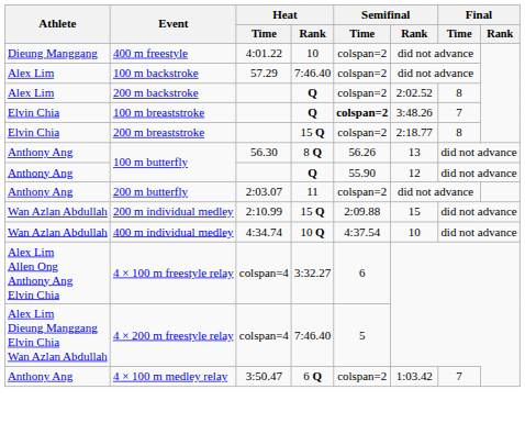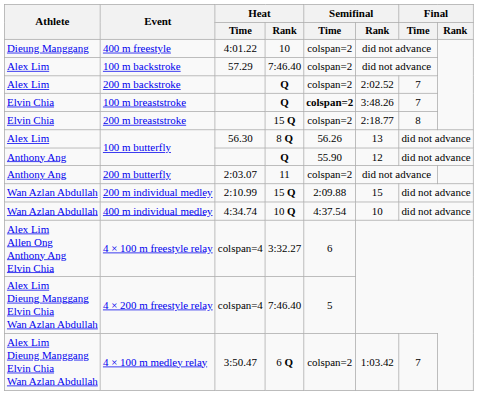 <table class=wikitable style=font-size:90%>
 <tr>
 <th rowspan=2>Athlete</th>
 <th rowspan=2>Event</th>
 <th colspan=2>Heat</th>
 <th colspan=2>Semifinal</th>
 <th colspan=2>Final</th>
 </tr>
 <tr style=font-size:95%>
 <th>Time</th>
 <th>Rank</th>
 <th>Time</th>
 <th>Rank</th>
 <th>Time</th>
 <th>Rank</th>
 </tr>
 <tr align=center>
 <td align=left><a href='#'>Dieung Manggang</a></td>
 <td align=left><a href='#'>400 m freestyle</a></td>
 <td>4:01.22</td>
 <td>10</td>
 <td>colspan=2 </td>
 <td colspan=2>did not advance</td>
 </tr>
 <tr align=center>
 <td align=left><a href='#'>Alex Lim</a></td>
 <td align=left><a href='#'>100 m backstroke</a></td>
 <td>57.29</td>
 <td>7:46.40</td>
 <td>colspan=2 </td>
 <td colspan=2>did not advance</td>
 </tr>
 <tr align=center>
 <td align=left><a href='#'>Alex Lim</a></td>
 <td align=left><a href='#'>200 m backstroke</a></td>
 <td></td>
 <td><strong>Q</strong></td>
 <td>colspan=2 </td>
 <td>2:02.52</td>
-<td>8</td>
+<td>7</td>
 </tr>
 <tr align=center>
 <td align=left><a href='#'>Elvin Chia</a></td>
 <td align=left><a href='#'>100 m breaststroke</a></td>
 <td></td>
 <td><strong>Q</strong></td>
 <td><strong>colspan=2 </strong></td>
 <td>3:48.26</td>
 <td>7</td>
 </tr>
 <tr align=center>
 <td align=left><a href='#'>Elvin Chia</a></td>
 <td align=left><a href='#'>200 m breaststroke</a></td>
 <td></td>
 <td>15 <strong>Q</strong></td>
 <td>colspan=2 </td>
 <td>2:18.77</td>
 <td>8</td>
 </tr>
 <tr align=center>
-<td align=left><a href='#'>Anthony Ang</a></td>
+<td align=left><a href='#'>Alex Lim</a></td>
 <td align=left rowspan=2><a href='#'>100 m butterfly</a></td>
 <td>56.30</td>
 <td>8 <strong>Q</strong></td>
 <td>56.26</td>
 <td>13</td>
 <td colspan=2>did not advance</td>
 </tr>
 <tr align=center>
 <td align=left><a href='#'>Anthony Ang</a></td>
 <td></td>
 <td><strong>Q</strong></td>
 <td>55.90</td>
 <td>12</td>
 <td colspan=2>did not advance</td>
 </tr>
 <tr align=center>
 <td align=left><a href='#'>Anthony Ang</a></td>
 <td align=left><a href='#'>200 m butterfly</a></td>
 <td>2:03.07</td>
 <td>11</td>
 <td>colspan=2 </td>
 <td colspan=2>did not advance</td>
 </tr>
 <tr align=center>
 <td align=left><a href='#'>Wan Azlan Abdullah</a></td>
 <td align=left><a href='#'>200 m individual medley</a></td>
 <td>2:10.99</td>
 <td>15 <strong>Q</strong></td>
 <td>2:09.88</td>
 <td>15</td>
 <td colspan=2>did not advance</td>
 </tr>
 <tr align=center>
 <td align=left><a href='#'>Wan Azlan Abdullah</a></td>
 <td align=left><a href='#'>400 m individual medley</a></td>
 <td>4:34.74</td>
 <td>10 <strong>Q</strong></td>
 <td>4:37.54</td>
 <td>10</td>
 <td colspan=2>did not advance</td>
 </tr>
 <tr align=center>
 <td align=left><a href='#'>Alex Lim</a><br><a href='#'>Allen Ong</a><br><a href='#'>Anthony Ang</a><br><a href='#'>Elvin Chia</a></td>
 <td align=left><a href='#'>4 × 100 m freestyle relay</a></td>
 <td>colspan=4 </td>
 <td>3:32.27</td>
 <td>6</td>
 </tr>
 <tr align=center>
 <td align=left><a href='#'>Alex Lim</a><br><a href='#'>Dieung Manggang</a><br><a href='#'>Elvin Chia</a><br><a href='#'>Wan Azlan Abdullah</a></td>
 <td align=left><a href='#'>4 × 200 m freestyle relay</a></td>
 <td>colspan=4 </td>
 <td>7:46.40</td>
 <td>5</td>
 </tr>
 <tr align=center>
-<td align=left><a href='#'>Anthony Ang</a></td>
+<td align=left><a href='#'>Alex Lim</a><br><a href='#'>Dieung Manggang</a><br><a href='#'>Elvin Chia</a><br><a href='#'>Wan Azlan Abdullah</a></td>
 <td align=left><a href='#'>4 × 100 m medley relay</a></td>
 <td>3:50.47</td>
 <td>6 <strong>Q</strong></td>
 <td>colspan=2 </td>
 <td>1:03.42</td>
 <td>7</td>
 </tr>
 </table>
